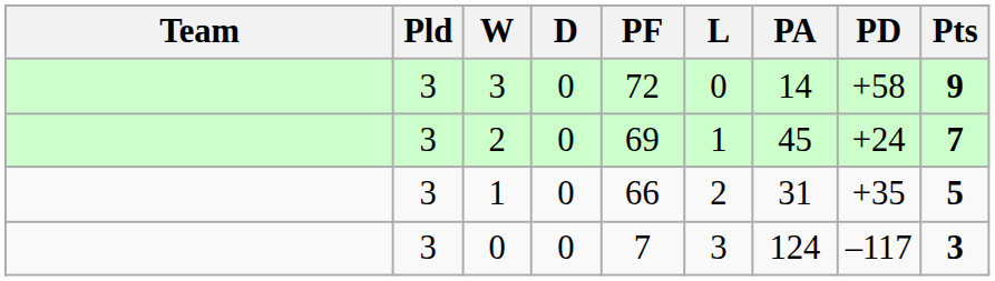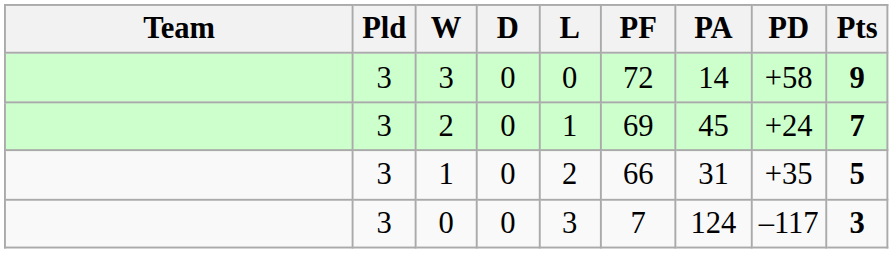 <table class="wikitable" style="text-align:center;">
 <tr>
 <th width=175>Team</th>
 <th width=25 abbr="Played">Pld</th>
 <th width=25 abbr="Won">W</th>
 <th width=25 abbr="Drawn">D</th>
+<th width=25 abbr="Lost">L</th>
 <th width=32 abbr="Points for">PF</th>
-<th width=25 abbr="Lost">L</th>
 <th width=32 abbr="Points against">PA</th>
 <th width=32 abbr="Points difference">PD</th>
 <th width=25 abbr="Points">Pts</th>
 </tr>
 <tr bgcolor=ccffcc>
 <td align=left></td>
 <td>3</td>
 <td>3</td>
 <td>0</td>
+<td>0</td>
 <td>72</td>
-<td>0</td>
 <td>14</td>
 <td>+58</td>
 <td><strong>9</strong></td>
 </tr>
 <tr bgcolor=ccffcc>
 <td align=left></td>
 <td>3</td>
 <td>2</td>
 <td>0</td>
+<td>1</td>
 <td>69</td>
-<td>1</td>
 <td>45</td>
 <td>+24</td>
 <td><strong>7</strong></td>
 </tr>
 <tr>
 <td align=left></td>
 <td>3</td>
 <td>1</td>
 <td>0</td>
+<td>2</td>
 <td>66</td>
-<td>2</td>
 <td>31</td>
 <td>+35</td>
 <td><strong>5</strong></td>
 </tr>
 <tr>
 <td align=left></td>
 <td>3</td>
 <td>0</td>
 <td>0</td>
+<td>3</td>
 <td>7</td>
-<td>3</td>
 <td>124</td>
 <td>–117</td>
 <td><strong>3</strong></td>
 </tr>
 </table>
